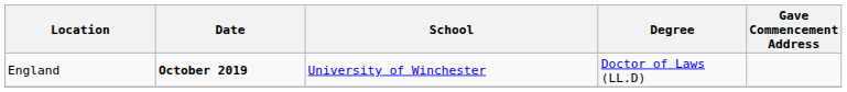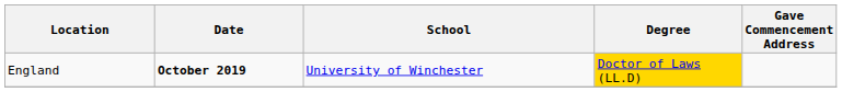 <table class="wikitable" style="width:100%;">
 <tr>
 <th style="width:20%;">Location</th>
 <th style="width:20%;">Date</th>
 <th style="width:40%;">School</th>
 <th style="width:20%;">Degree</th>
 <th style="width:20%;">Gave Commencement Address</th>
 </tr>
 <tr>
 <td>England</td>
 <td><strong>October 2019</strong></td>
 <td><a href='#'>University of Winchester</a></td>
-<td><a href='#'>Doctor of Laws</a> (LL.D) </td>
+<td style="background: gold;"><a href='#'>Doctor of Laws</a> (LL.D) </td>
 <td></td>
 </tr>
 <tr>
 </tr>
 </table>
